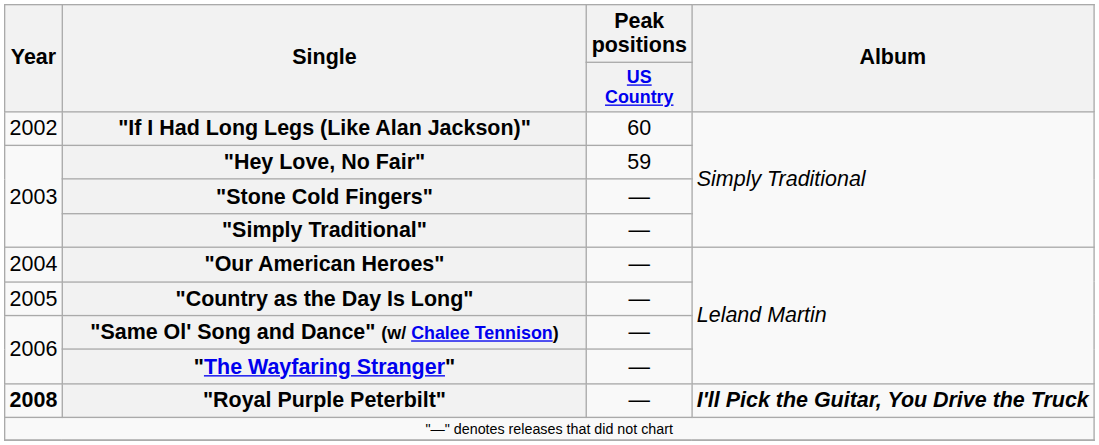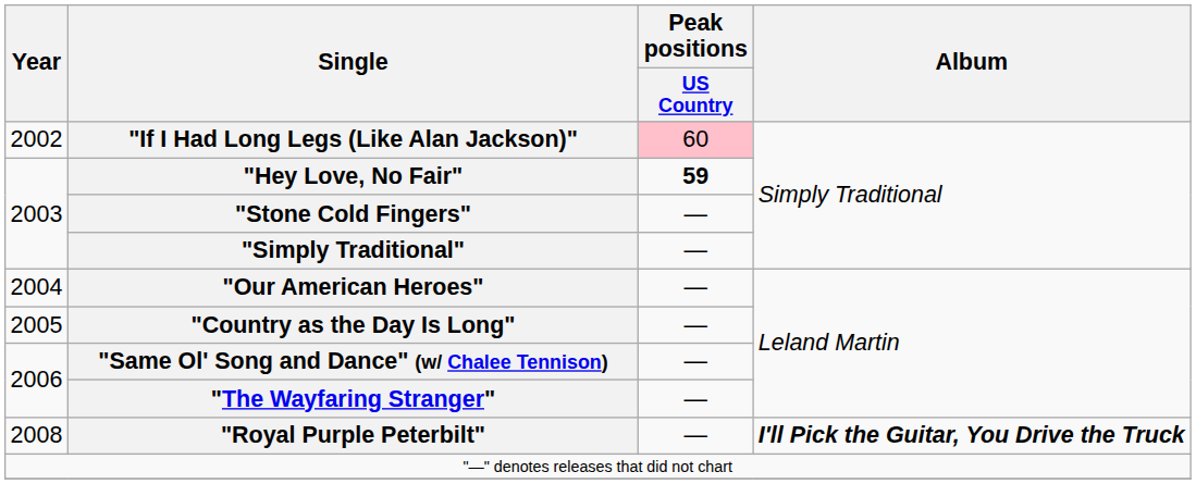 <table class="wikitable plainrowheaders" style="text-align:center;">
 <tr>
 <th rowspan="2">Year</th>
 <th rowspan="2" style="width:24em;">Single</th>
 <th colspan="1">Peak positions</th>
 <th rowspan="2">Album</th>
 </tr>
 <tr style="font-size:smaller;">
 <th width="60"><a href='#'>US Country</a></th>
 </tr>
 <tr>
 <td>2002</td>
 <th scope="row">"If I Had Long Legs (Like Alan Jackson)"</th>
-<td>60</td>
+<td style="background: pink;">60</td>
 <td align="left" rowspan="4"><em>Simply Traditional</em></td>
 </tr>
 <tr>
 <td rowspan="3">2003</td>
 <th scope="row">"Hey Love, No Fair"</th>
-<td>59</td>
+<td><strong>59</strong></td>
 </tr>
 <tr>
 <th scope="row">"Stone Cold Fingers"</th>
 <td>—</td>
 </tr>
 <tr>
 <th scope="row">"Simply Traditional"</th>
 <td>—</td>
 </tr>
 <tr>
 <td>2004</td>
 <th scope="row">"Our American Heroes"</th>
 <td>—</td>
 <td align="left" rowspan="4"><em>Leland Martin</em></td>
 </tr>
 <tr>
 <td>2005</td>
 <th scope="row">"Country as the Day Is Long"</th>
 <td>—</td>
 </tr>
 <tr>
 <td rowspan="2">2006</td>
 <th scope="row">"Same Ol' Song and Dance" <small>(w/ <a href='#'>Chalee Tennison</a>)</small></th>
 <td>—</td>
 </tr>
 <tr>
 <th scope="row">"<a href='#'>The Wayfaring Stranger</a>"</th>
 <td>—</td>
 </tr>
 <tr>
-<td><strong>2008</strong></td>
+<td>2008</td>
 <th scope="row">"Royal Purple Peterbilt"</th>
 <td>—</td>
 <td align="left"><strong><em>I'll Pick the Guitar, You Drive the Truck</em></strong></td>
 </tr>
 <tr>
 <td colspan="4" style="font-size:8pt">"—" denotes releases that did not chart</td>
 </tr>
 <tr>
 </tr>
 </table>
